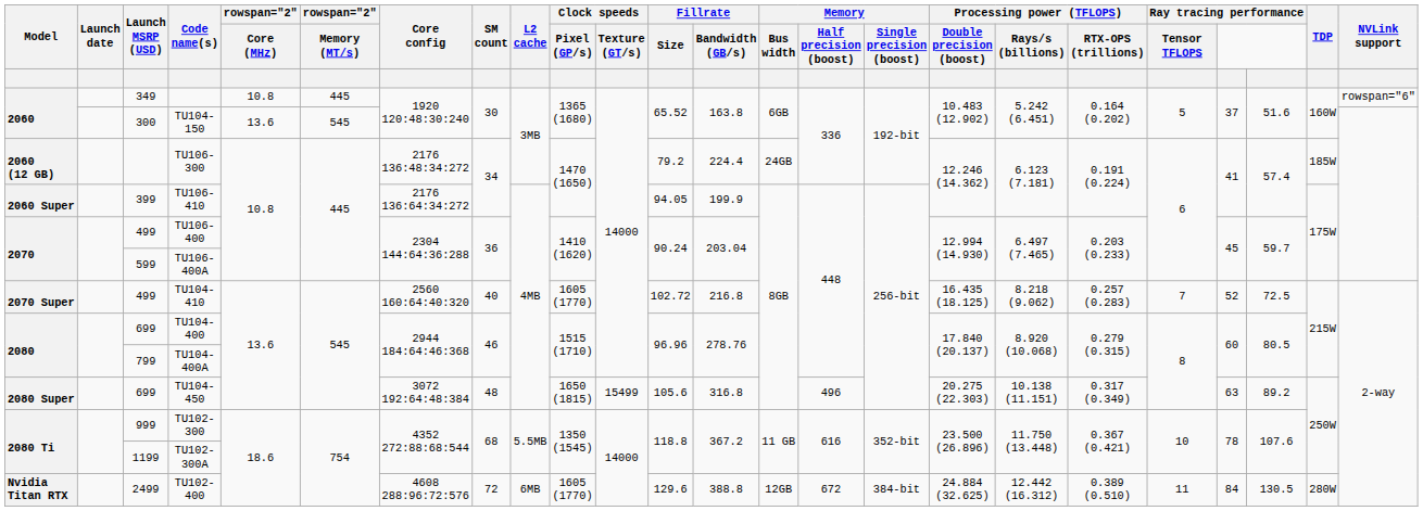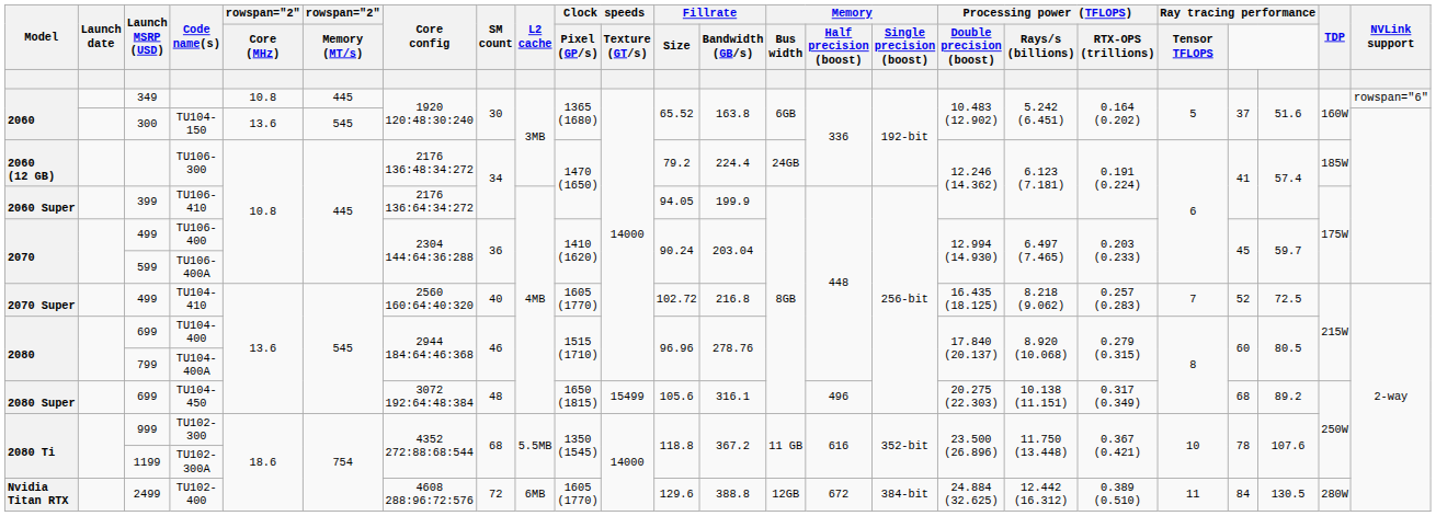 <table class="wikitable sortable mw-datatable" style="font-size:90%; text-align:center;">
 <tr>
 <th rowspan="2">Model</th>
 <th rowspan="2">Launch date</th>
 <th rowspan="2">Launch <br> <a href='#'>MSRP</a> <br> (<a href='#'>USD</a>)</th>
 <th rowspan="2"><a href='#'>Code<br>name</a>(s)</th>
 <th>rowspan="2" </th>
 <th>rowspan="2" </th>
 <th rowspan="2">Core<br>config</th>
 <th rowspan="2">SM<br>count</th>
 <th rowspan="2"><a href='#'>L2 <br> cache</a></th>
 <th colspan="2">Clock speeds</th>
 <th colspan="2"><a href='#'>Fillrate</a></th>
 <th colspan="3"><a href='#'>Memory</a></th>
 <th colspan="3">Processing power (<a href='#'>TFLOPS</a>)</th>
 <th colspan="3">Ray tracing performance</th>
 <th rowspan="2"><a href='#'>TDP</a></th>
 <th rowspan="2"><a href='#'>NVLink</a><br>support</th>
 </tr>
 <tr>
 <th>Core <br> (<a href='#'>MHz</a>)</th>
 <th>Memory <br> (<a href='#'>MT/s</a>)</th>
 <th>Pixel <br> (<a href='#'>GP</a>/s)</th>
 <th>Texture <br> (<a href='#'>GT</a>/s)</th>
 <th>Size</th>
 <th>Bandwidth <br> (<a href='#'>GB</a>/s)</th>
 <th>Bus <br> width</th>
 <th><a href='#'>Half<br>precision</a> <br> (boost)</th>
 <th><a href='#'>Single<br>precision</a> <br> (boost)</th>
 <th><a href='#'>Double<br>precision</a> <br> (boost)</th>
 <th>Rays/s<br>(billions)</th>
 <th>RTX-OPS<br>(trillions)</th>
 <th>Tensor<br><a href='#'>TFLOPS</a></th>
 </tr>
 <tr>
 <th style="background-position:center"><br></th>
 <th style="background-position:center"></th>
 <th style="background-position:center"></th>
 <th style="background-position:center"></th>
 <th style="background-position:center"></th>
 <th style="background-position:center"></th>
 <th style="background-position:center"></th>
 <th style="background-position:center"></th>
 <th style="background-position:center"></th>
 <th style="background-position:center"></th>
 <th style="background-position:center"></th>
 <th style="background-position:center"></th>
 <th style="background-position:center"></th>
 <th style="background-position:center"></th>
 <th style="background-position:center"></th>
 <th style="background-position:center"></th>
 <th style="background-position:center"></th>
 <th style="background-position:center"></th>
 <th style="background-position:center"></th>
 <th style="background-position:center"></th>
 <th style="background-position:center"></th>
 <th style="background-position:center"></th>
 <th style="background-position:center"></th>
 <th style="background-position:center"></th>
 </tr>
 <tr>
 <th rowspan="2" style="text-align:left;"><br>2060</th>
 <td></td>
 <td>349</td>
 <td></td>
 <td>10.8</td>
 <td>445</td>
 <td rowspan="2">1920 <br> 120:48:30:240</td>
 <td rowspan="2">30</td>
 <td rowspan="3">3MB</td>
 <td rowspan="2">1365 <br> (1680)</td>
 <td rowspan="9">14000</td>
 <td rowspan="2">65.52</td>
 <td rowspan="2">163.8</td>
 <td rowspan="2">6GB</td>
 <td rowspan="3">336</td>
 <td rowspan="3">192-bit</td>
 <td rowspan="2">10.483 <br> (12.902)</td>
 <td rowspan="2">5.242 <br> (6.451)</td>
 <td rowspan="2">0.164 <br> (0.202)</td>
 <td rowspan="2">5</td>
 <td rowspan="2">37</td>
 <td rowspan="2">51.6</td>
 <td rowspan="2">160W</td>
 <td>rowspan="6" </td>
 </tr>
 <tr>
 <td></td>
 <td>300</td>
 <td>TU104-150</td>
 <td>13.6</td>
 <td>545</td>
 </tr>
 <tr>
 <th style="text-align:left;"><br>2060 (12 GB)</th>
 <td></td>
 <td></td>
 <td>TU106-300</td>
 <td rowspan="4">10.8</td>
 <td rowspan="4">445</td>
 <td>2176 <br> 136:48:34:272</td>
 <td rowspan="2">34</td>
 <td rowspan="2">1470 <br> (1650)</td>
 <td>79.2</td>
 <td>224.4</td>
 <td>24GB</td>
 <td rowspan="2">12.246 <br> (14.362)</td>
 <td rowspan="2">6.123 <br> (7.181)</td>
 <td rowspan="2">0.191 <br> (0.224)</td>
 <td rowspan="4">6</td>
 <td rowspan="2">41</td>
 <td rowspan="2">57.4</td>
 <td>185W</td>
 </tr>
 <tr>
 <th style="text-align:left;"><br>2060 Super</th>
 <td></td>
 <td>399</td>
 <td>TU106-410</td>
 <td>2176 <br> 136:64:34:272</td>
 <td rowspan="7">4MB</td>
 <td>94.05</td>
 <td>199.9</td>
 <td rowspan="7">8GB</td>
 <td rowspan="6">448</td>
 <td rowspan="7">256-bit</td>
 <td rowspan="3">175W</td>
 </tr>
 <tr>
 <th rowspan="2" style="text-align:left;"><br>2070</th>
 <td rowspan="2"></td>
 <td>499</td>
 <td>TU106-400</td>
 <td rowspan="2">2304 <br> 144:64:36:288</td>
 <td rowspan="2">36</td>
 <td rowspan="2">1410 <br> (1620)</td>
 <td rowspan="2">90.24</td>
 <td rowspan="2">203.04</td>
 <td rowspan="2">12.994 <br> (14.930)</td>
 <td rowspan="2">6.497 <br> (7.465)</td>
 <td rowspan="2">0.203 <br> (0.233)</td>
 <td rowspan="2">45</td>
 <td rowspan="2">59.7</td>
 </tr>
 <tr>
 <td>599</td>
 <td>TU106-400A</td>
 </tr>
 <tr>
 <th style="text-align:left;"><br>2070 Super</th>
 <td></td>
 <td>499</td>
 <td>TU104-410</td>
 <td rowspan="4">13.6</td>
 <td rowspan="4">545</td>
 <td>2560 <br> 160:64:40:320</td>
 <td>40</td>
 <td>1605 <br> (1770)</td>
 <td>102.72</td>
 <td>216.8</td>
 <td>16.435 <br> (18.125)</td>
 <td>8.218 <br> (9.062)</td>
 <td>0.257 <br> (0.283)</td>
 <td>7</td>
 <td>52</td>
 <td>72.5</td>
 <td rowspan="3">215W</td>
 <td rowspan="7">2-way</td>
 </tr>
 <tr>
 <th rowspan="2" style="text-align:left;"><br>2080</th>
 <td rowspan="2"></td>
 <td>699</td>
 <td>TU104-400</td>
 <td rowspan="2">2944 <br> 184:64:46:368</td>
 <td rowspan="2">46</td>
 <td rowspan="2">1515 <br> (1710)</td>
 <td rowspan="2">96.96</td>
 <td rowspan="2">278.76</td>
 <td rowspan="2">17.840 <br> (20.137)</td>
 <td rowspan="2">8.920 <br> (10.068)</td>
 <td rowspan="2">0.279 <br> (0.315)</td>
 <td rowspan="3">8</td>
 <td rowspan="2">60</td>
 <td rowspan="2">80.5</td>
 </tr>
 <tr>
 <td>799</td>
 <td>TU104-400A</td>
 </tr>
 <tr>
 <th style="text-align:left;"><br>2080 Super</th>
 <td></td>
 <td>699</td>
 <td>TU104-450</td>
 <td>3072 <br> 192:64:48:384</td>
 <td>48</td>
 <td>1650 <br> (1815)</td>
 <td>15499</td>
 <td>105.6</td>
-<td>316.8</td>
+<td>316.1</td>
 <td>496</td>
 <td>20.275 <br> (22.303)</td>
 <td>10.138 <br> (11.151)</td>
 <td>0.317 <br> (0.349)</td>
-<td>63</td>
+<td>68</td>
 <td>89.2</td>
 <td rowspan="3">250W</td>
 </tr>
 <tr>
 <th rowspan="2" style="text-align:left;"><br>2080 Ti</th>
 <td rowspan="2"></td>
 <td>999</td>
 <td>TU102-300</td>
 <td rowspan="3">18.6</td>
 <td rowspan="3">754</td>
 <td rowspan="2">4352 <br> 272:88:68:544</td>
 <td rowspan="2">68</td>
 <td rowspan="2">5.5MB</td>
 <td rowspan="2">1350 <br> (1545)</td>
 <td rowspan="3">14000</td>
 <td rowspan="2">118.8</td>
 <td rowspan="2">367.2</td>
 <td rowspan="2">11 GB</td>
 <td rowspan="2">616</td>
 <td rowspan="2">352-bit</td>
 <td rowspan="2">23.500 <br> (26.896)</td>
 <td rowspan="2">11.750 <br> (13.448)</td>
 <td rowspan="2">0.367 <br> (0.421)</td>
 <td rowspan="2">10</td>
 <td rowspan="2">78</td>
 <td rowspan="2">107.6</td>
 </tr>
 <tr>
 <td>1199</td>
 <td>TU102-300A</td>
 </tr>
 <tr>
 <th style="text-align:left;">Nvidia<br>Titan RTX</th>
 <td></td>
 <td>2499</td>
 <td>TU102-400</td>
 <td>4608 <br> 288:96:72:576</td>
 <td>72</td>
 <td>6MB</td>
 <td>1605 <br> (1770)</td>
 <td>129.6</td>
 <td>388.8</td>
 <td>12GB</td>
 <td>672</td>
 <td>384-bit</td>
 <td>24.884 <br> (32.625)</td>
 <td>12.442 <br> (16.312)</td>
 <td>0.389 <br> (0.510)</td>
 <td>11</td>
 <td>84</td>
 <td>130.5</td>
 <td>280W</td>
 </tr>
 </table>
